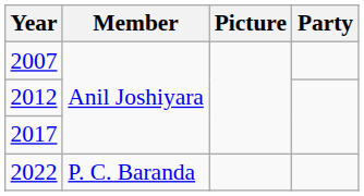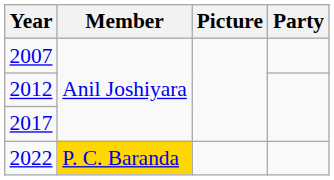 <table class="wikitable sortable">
 <tr>
 <th>Year</th>
 <th>Member</th>
 <th>Picture</th>
 <th colspan="2">Party</th>
 </tr>
 <tr>
 <td><a href='#'>2007</a></td>
 <td rowspan=3><a href='#'>Anil Joshiyara</a></td>
 <td rowspan=3></td>
 <td></td>
 </tr>
 <tr>
 <td><a href='#'>2012</a></td>
 </tr>
 <tr>
 <td><a href='#'>2017</a></td>
 </tr>
 <tr>
 <td><a href='#'>2022</a></td>
-<td><a href='#'>P. C. Baranda</a></td>
+<td style="background: gold;"><a href='#'>P. C. Baranda</a></td>
 <td></td>
 <td></td>
 </tr>
 </table>
